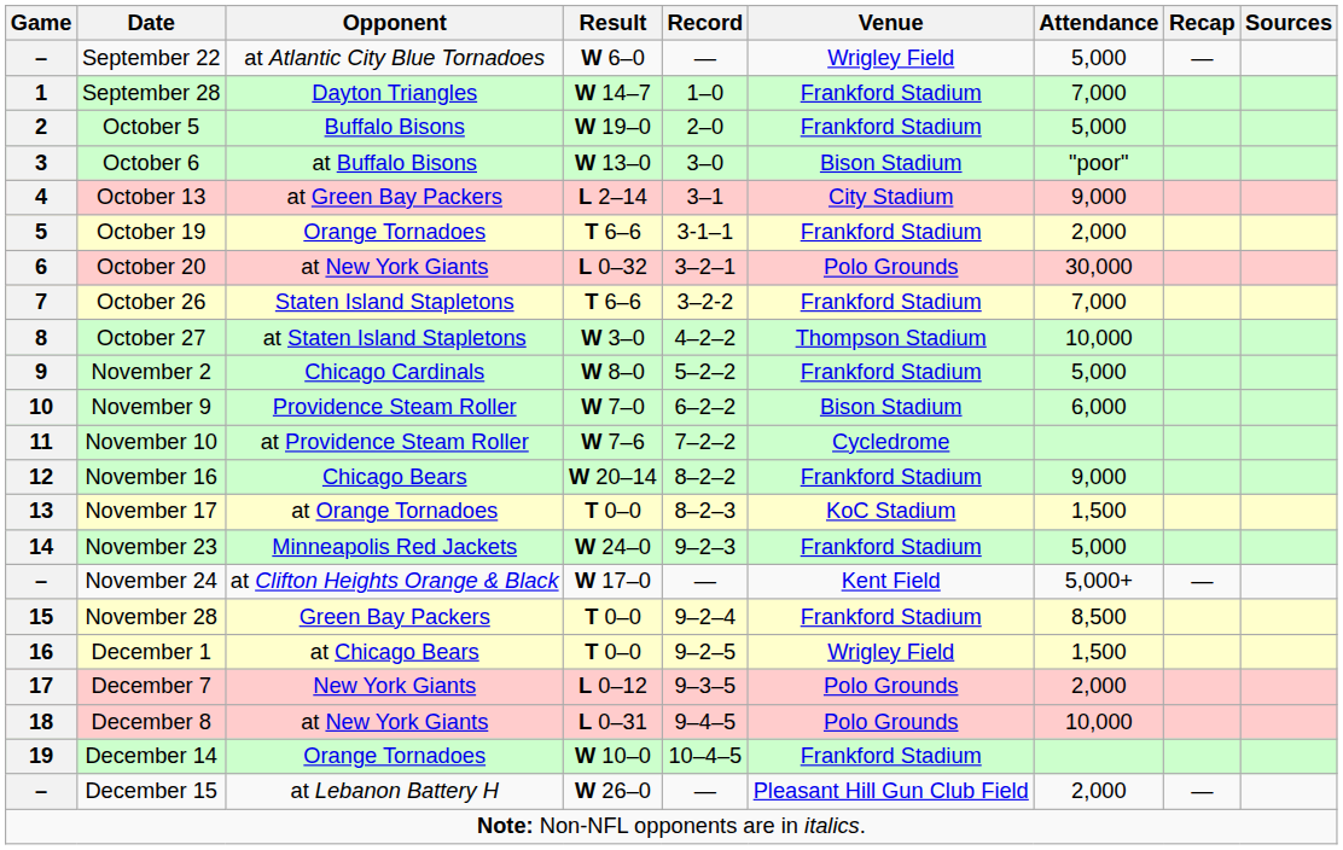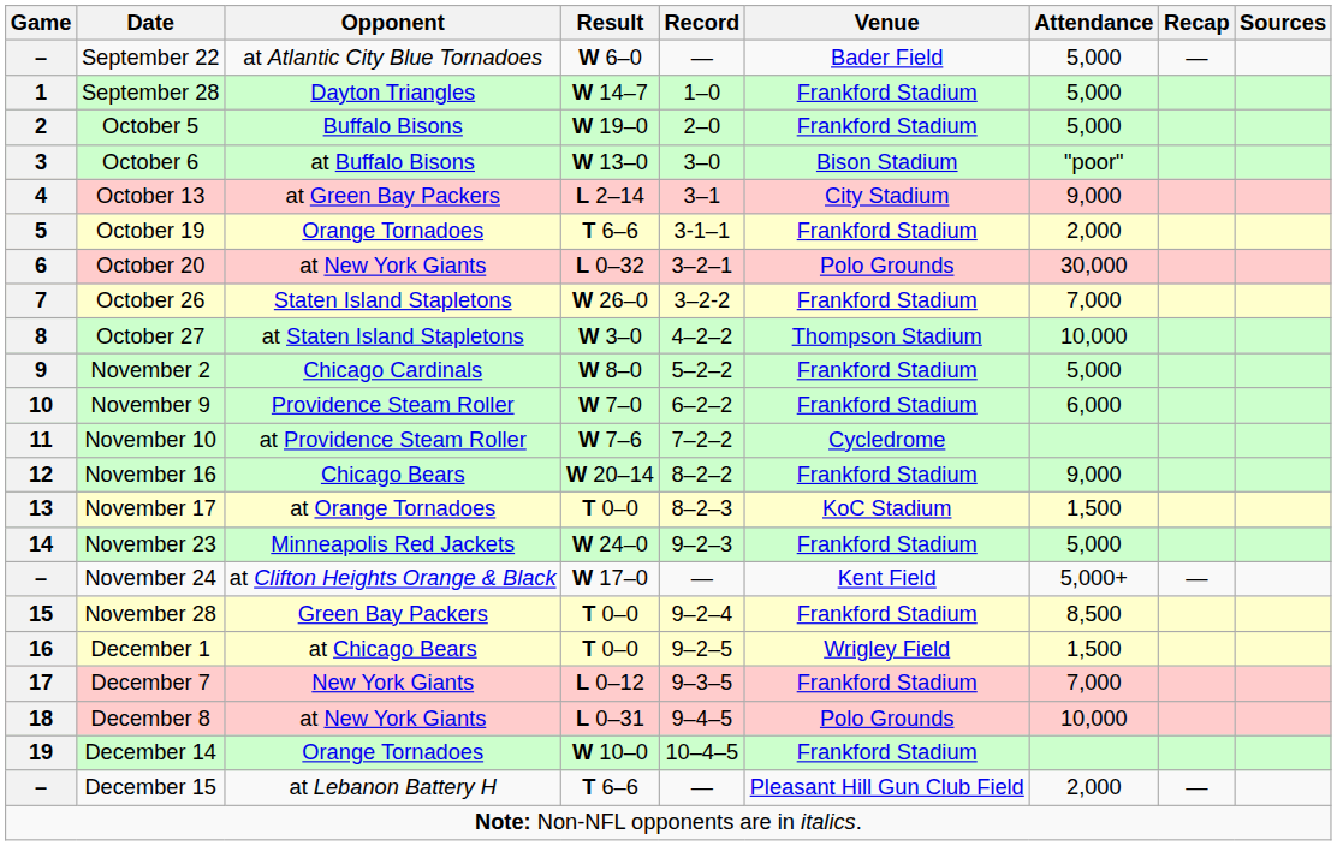 <table class="wikitable" style="text-align:center">
 <tr>
 <th>Game</th>
 <th>Date</th>
 <th>Opponent</th>
 <th>Result</th>
 <th>Record</th>
 <th>Venue</th>
 <th>Attendance</th>
 <th>Recap</th>
 <th>Sources</th>
 </tr>
 <tr>
 <th>–</th>
 <td>September 22</td>
 <td>at <em>Atlantic City Blue Tornadoes</em></td>
 <td><strong>W</strong>  6–0</td>
 <td>—</td>
-<td><a href='#'>Wrigley Field</a></td>
+<td><a href='#'>Bader Field</a></td>
 <td>5,000</td>
 <td>—</td>
 <td></td>
 </tr>
 <tr style="background:#cfc">
 <th>1</th>
 <td>September 28</td>
 <td><a href='#'>Dayton Triangles</a></td>
 <td><strong>W</strong>  14–7</td>
 <td>1–0</td>
 <td><a href='#'>Frankford Stadium</a></td>
-<td>7,000</td>
+<td>5,000</td>
 <td></td>
 <td></td>
 </tr>
 <tr style="background:#cfc">
 <th>2</th>
 <td>October 5</td>
 <td><a href='#'>Buffalo Bisons</a></td>
 <td><strong>W</strong>  19–0</td>
 <td>2–0</td>
 <td><a href='#'>Frankford Stadium</a></td>
 <td>5,000</td>
 <td></td>
 <td></td>
 </tr>
 <tr style="background:#cfc">
 <th>3</th>
 <td>October 6</td>
 <td>at <a href='#'>Buffalo Bisons</a></td>
 <td><strong>W</strong>  13–0</td>
 <td>3–0</td>
 <td><a href='#'>Bison Stadium</a></td>
 <td>"poor"</td>
 <td></td>
 <td></td>
 </tr>
 <tr style="background:#fcc">
 <th>4</th>
 <td>October 13</td>
 <td>at <a href='#'>Green Bay Packers</a></td>
 <td><strong>L</strong> 2–14</td>
 <td>3–1</td>
 <td><a href='#'>City Stadium</a></td>
 <td>9,000</td>
 <td></td>
 <td></td>
 </tr>
 <tr style="background:#ffc">
 <th>5</th>
 <td>October 19</td>
 <td><a href='#'>Orange Tornadoes</a></td>
 <td><strong>T</strong> 6–6</td>
 <td>3-1–1</td>
 <td><a href='#'>Frankford Stadium</a></td>
 <td>2,000</td>
 <td></td>
 <td></td>
 </tr>
 <tr style="background:#fcc">
 <th>6</th>
 <td>October 20</td>
 <td>at <a href='#'>New York Giants</a></td>
 <td><strong>L</strong> 0–32</td>
 <td>3–2–1</td>
 <td><a href='#'>Polo Grounds</a></td>
 <td>30,000</td>
 <td></td>
 <td></td>
 </tr>
 <tr style="background:#ffc">
 <th>7</th>
 <td>October 26</td>
 <td><a href='#'>Staten Island Stapletons</a></td>
-<td><strong>T</strong> 6–6</td>
+<td><strong>W</strong> 26–0</td>
 <td>3–2-2</td>
 <td><a href='#'>Frankford Stadium</a></td>
 <td>7,000</td>
 <td></td>
 <td></td>
 </tr>
 <tr style="background:#cfc">
 <th>8</th>
 <td>October 27</td>
 <td>at <a href='#'>Staten Island Stapletons</a></td>
 <td><strong>W</strong>  3–0</td>
 <td>4–2–2</td>
 <td><a href='#'>Thompson Stadium</a></td>
 <td>10,000</td>
 <td></td>
 <td></td>
 </tr>
 <tr style="background:#cfc">
 <th>9</th>
 <td>November 2</td>
 <td><a href='#'>Chicago Cardinals</a></td>
 <td><strong>W</strong>  8–0</td>
 <td>5–2–2</td>
 <td><a href='#'>Frankford Stadium</a></td>
 <td>5,000</td>
 <td></td>
 <td></td>
 </tr>
 <tr style="background:#cfc">
 <th>10</th>
 <td>November 9</td>
 <td><a href='#'>Providence Steam Roller</a></td>
 <td><strong>W</strong>  7–0</td>
 <td>6–2–2</td>
-<td><a href='#'>Bison Stadium</a></td>
+<td><a href='#'>Frankford Stadium</a></td>
 <td>6,000</td>
 <td></td>
 <td></td>
 </tr>
 <tr style="background:#cfc">
 <th>11</th>
 <td>November 10</td>
 <td>at <a href='#'>Providence Steam Roller</a></td>
 <td><strong>W</strong>  7–6</td>
 <td>7–2–2</td>
 <td><a href='#'>Cycledrome</a></td>
 <td></td>
 <td></td>
 <td></td>
 </tr>
 <tr style="background:#cfc">
 <th>12</th>
 <td>November 16</td>
 <td><a href='#'>Chicago Bears</a></td>
 <td><strong>W</strong>  20–14</td>
 <td>8–2–2</td>
 <td><a href='#'>Frankford Stadium</a></td>
 <td>9,000</td>
 <td></td>
 <td></td>
 </tr>
 <tr style="background:#ffc">
 <th>13</th>
 <td>November 17</td>
 <td>at <a href='#'>Orange Tornadoes</a></td>
 <td><strong>T</strong> 0–0</td>
 <td>8–2–3</td>
 <td><a href='#'>KoC Stadium</a></td>
 <td>1,500</td>
 <td></td>
 <td></td>
 </tr>
 <tr style="background:#cfc">
 <th>14</th>
 <td>November 23</td>
 <td><a href='#'>Minneapolis Red Jackets</a></td>
 <td><strong>W</strong>  24–0</td>
 <td>9–2–3</td>
 <td><a href='#'>Frankford Stadium</a></td>
 <td>5,000</td>
 <td></td>
 <td></td>
 </tr>
 <tr>
 <th>–</th>
 <td>November 24</td>
 <td>at <em><a href='#'>Clifton Heights Orange & Black</a></em></td>
 <td><strong>W</strong>  17–0</td>
 <td>—</td>
 <td><a href='#'>Kent Field</a></td>
 <td>5,000+</td>
 <td>—</td>
 <td></td>
 </tr>
 <tr style="background:#ffc">
 <th>15</th>
 <td>November 28</td>
 <td><a href='#'>Green Bay Packers</a></td>
 <td><strong>T</strong> 0–0</td>
 <td>9–2–4</td>
 <td><a href='#'>Frankford Stadium</a></td>
 <td>8,500</td>
 <td></td>
 <td></td>
 </tr>
 <tr style="background:#ffc">
 <th>16</th>
 <td>December 1</td>
 <td>at <a href='#'>Chicago Bears</a></td>
 <td><strong>T</strong> 0–0</td>
 <td>9–2–5</td>
 <td><a href='#'>Wrigley Field</a></td>
 <td>1,500</td>
 <td></td>
 <td></td>
 </tr>
 <tr style="background:#fcc">
 <th>17</th>
 <td>December 7</td>
 <td><a href='#'>New York Giants</a></td>
 <td><strong>L</strong> 0–12</td>
 <td>9–3–5</td>
-<td><a href='#'>Polo Grounds</a></td>
-<td>2,000</td>
+<td><a href='#'>Frankford Stadium</a></td>
+<td>7,000</td>
 <td></td>
 <td></td>
 </tr>
 <tr style="background:#fcc">
 <th>18</th>
 <td>December 8</td>
 <td>at <a href='#'>New York Giants</a></td>
 <td><strong>L</strong> 0–31</td>
 <td>9–4–5</td>
 <td><a href='#'>Polo Grounds</a></td>
 <td>10,000 </td>
 <td></td>
 <td></td>
 </tr>
 <tr style="background:#cfc">
 <th>19</th>
 <td>December 14</td>
 <td><a href='#'>Orange Tornadoes</a></td>
 <td><strong>W</strong>  10–0</td>
 <td>10–4–5</td>
 <td><a href='#'>Frankford Stadium</a></td>
 <td></td>
 <td></td>
 <td></td>
 </tr>
 <tr>
 <th>–</th>
 <td>December 15</td>
 <td>at <em>Lebanon Battery H</em></td>
-<td><strong>W</strong> 26–0</td>
+<td><strong>T</strong> 6–6</td>
 <td>—</td>
 <td><a href='#'>Pleasant Hill Gun Club Field</a></td>
 <td>2,000</td>
 <td>—</td>
 <td></td>
 </tr>
 <tr>
 <td colspan="10"><strong>Note:</strong> Non-NFL opponents are in <em>italics</em>.</td>
 </tr>
 </table>
